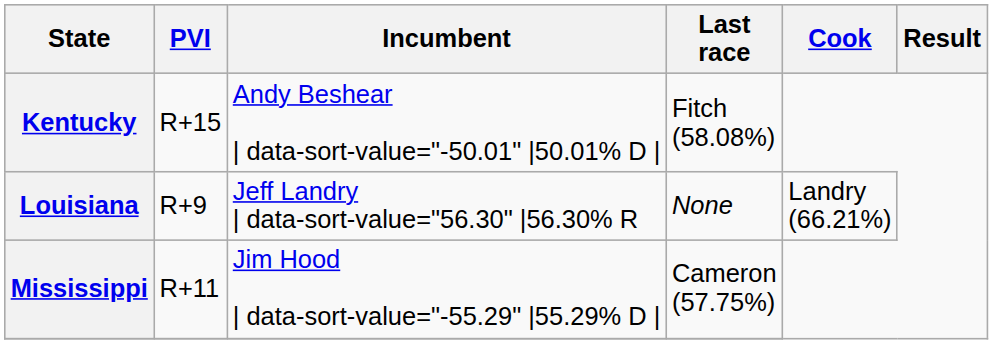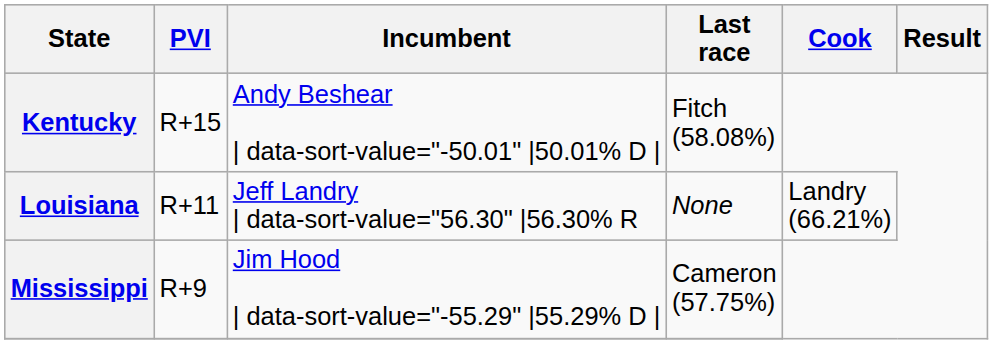 <table class="wikitable sortable" style="font-size:;">
 <tr>
 <th>State</th>
 <th><a href='#'>PVI</a></th>
 <th>Incumbent</th>
 <th>Last<br>race</th>
 <th scope="col"><a href='#'>Cook</a><br></th>
 <th>Result</th>
 </tr>
 <tr>
 <th><a href='#'>Kentucky</a></th>
 <td>R+15</td>
 <td><a href='#'>Andy Beshear</a><br><br>|  data-sort-value="-50.01" |50.01% D |</td>
 <td>Fitch<br>(58.08%)</td>
 </tr>
 <tr>
 <th><a href='#'>Louisiana</a></th>
-<td>R+9</td>
+<td>R+11</td>
 <td><a href='#'>Jeff Landry</a><br>|  data-sort-value="56.30" |56.30% R</td>
 <td><em>None</em></td>
 <td>Landry<br>(66.21%)</td>
 </tr>
 <tr>
 <th><a href='#'>Mississippi</a></th>
-<td>R+11</td>
+<td>R+9</td>
 <td><a href='#'>Jim Hood</a><br><br>|  data-sort-value="-55.29" |55.29% D |</td>
 <td>Cameron<br>(57.75%)</td>
 </tr>
 <tr>
 </tr>
 </table>
